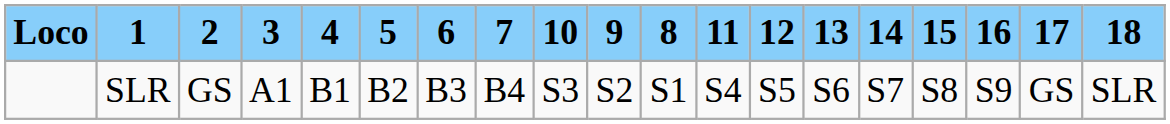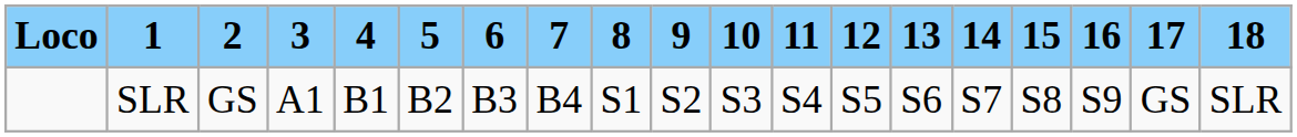 <table class="wikitable plainrowheaders unsortable" style="text-align:center">
 <tr>
 <th scope="col" rowspan="1" style="background:lightskyblue;">Loco</th>
 <th scope="col" rowspan="1" style="background:lightskyblue;">1</th>
 <th scope="col" rowspan="1" style="background:lightskyblue;">2</th>
 <th rowspan="1" scope="col" style="background:lightskyblue;">3</th>
 <th rowspan="1" scope="col" style="background:lightskyblue;">4</th>
 <th rowspan="1" scope="col" style="background:lightskyblue;">5</th>
 <th rowspan="1" scope="col" style="background:lightskyblue;">6</th>
 <th rowspan="1" scope="col" style="background:lightskyblue;">7</th>
+<th rowspan="1" scope="col" style="background:lightskyblue;">8</th>
+<th rowspan="1" scope="col" style="background:lightskyblue;">9</th>
 <th rowspan="1" scope="col" style="background:lightskyblue;">10</th>
-<th rowspan="1" scope="col" style="background:lightskyblue;">9</th>
-<th rowspan="1" scope="col" style="background:lightskyblue;">8</th>
 <th rowspan="1" scope="col" style="background:lightskyblue;">11</th>
 <th rowspan="1" scope="col" style="background:lightskyblue;">12</th>
 <th rowspan="1" scope="col" style="background:lightskyblue;">13</th>
 <th rowspan="1" scope="col" style="background:lightskyblue;">14</th>
 <th rowspan="1" scope="col" style="background:lightskyblue;">15</th>
 <th rowspan="1" scope="col" style="background:lightskyblue;">16</th>
 <th rowspan="1" scope="col" style="background:lightskyblue;">17</th>
 <th rowspan="1" scope="col" style="background:lightskyblue;">18</th>
 </tr>
 <tr>
 <td></td>
 <td>SLR</td>
 <td>GS</td>
 <td>A1</td>
 <td>B1</td>
 <td>B2</td>
 <td>B3</td>
 <td>B4</td>
+<td>S1</td>
+<td>S2</td>
 <td>S3</td>
-<td>S2</td>
-<td>S1</td>
 <td>S4</td>
 <td>S5</td>
 <td>S6</td>
 <td>S7</td>
 <td>S8</td>
 <td>S9</td>
 <td>GS</td>
 <td>SLR</td>
 </tr>
 </table>
